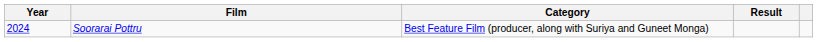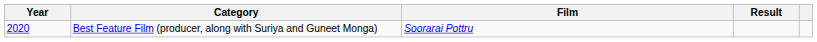 <table class="wikitable sortable" style="width:100%;">
 <tr>
 <th style="width:5%;">Year</th>
+<th style="width:25%;">Category</th>
 <th style="width:25%;">Film</th>
-<th style="width:25%;">Category</th>
 <th style="width:5%;">Result</th>
 <th style="width:1%;" class="unsortable"></th>
 </tr>
 <tr>
-<td><a href='#'>2024</a></td>
+<td><a href='#'>2020</a></td>
+<td><a href='#'>Best Feature Film</a> (producer, along with Suriya and Guneet Monga)</td>
 <td><em><a href='#'>Soorarai Pottru</a></em></td>
-<td><a href='#'>Best Feature Film</a> (producer, along with Suriya and Guneet Monga)</td>
 <td></td>
 <td></td>
 </tr>
 </table>
